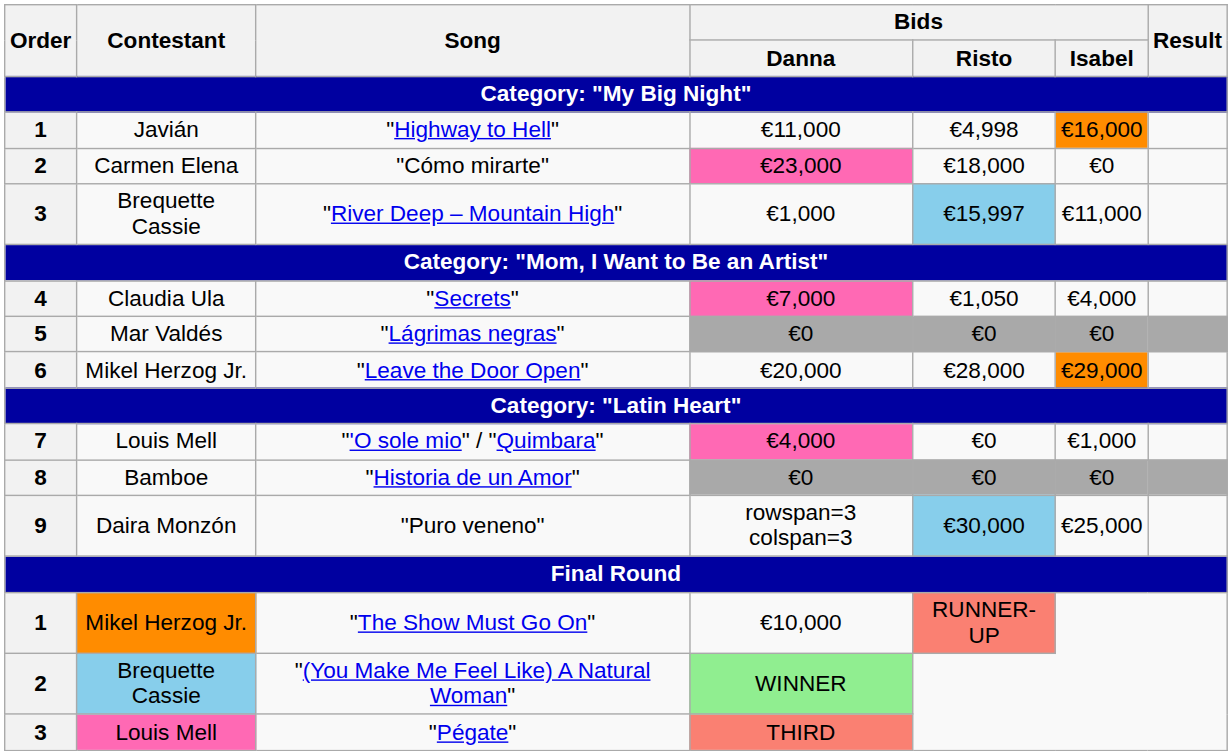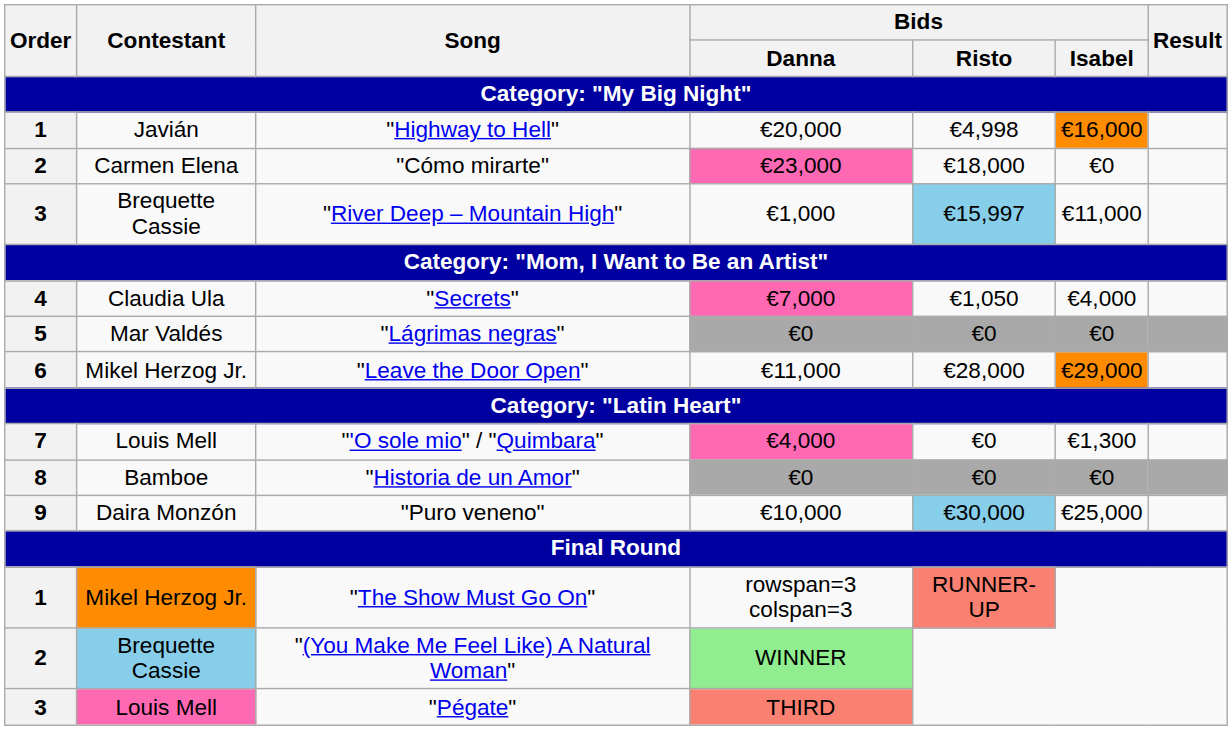 <table class=wikitable>
 <tr>
 <th rowspan=2>Order</th>
 <th rowspan=2>Contestant</th>
 <th rowspan=2>Song</th>
 <th colspan=3>Bids</th>
 <th rowspan=2>Result</th>
 </tr>
 <tr>
 <th>Danna</th>
 <th>Risto</th>
 <th>Isabel</th>
 </tr>
 <tr>
 <th scope="col" colspan="7" style="background:#0000A0; color:white;">Category: "My Big Night"</th>
 </tr>
 <tr align=center>
 <th>1</th>
 <td>Javián</td>
 <td>"<a href='#'>Highway to Hell</a>"</td>
-<td>€11,000</td>
+<td>€20,000</td>
 <td>€4,998</td>
 <td bgcolor=DarkOrange>€16,000</td>
 <td></td>
 </tr>
 <tr align=center>
 <th>2</th>
 <td>Carmen Elena</td>
 <td>"Cómo mirarte"</td>
 <td bgcolor=#ff69b4>€23,000</td>
 <td>€18,000</td>
 <td>€0</td>
 <td></td>
 </tr>
 <tr align=center>
 <th>3</th>
 <td>Brequette Cassie</td>
 <td>"<a href='#'>River Deep – Mountain High</a>"</td>
 <td>€1,000</td>
 <td bgcolor=SkyBlue>€15,997</td>
 <td>€11,000</td>
 <td></td>
 </tr>
 <tr>
 <th scope="col" colspan="7" style="background:#0000A0; color:white;">Category: "Mom, I Want to Be an Artist"</th>
 </tr>
 <tr align=center>
 <th>4</th>
 <td>Claudia Ula</td>
 <td>"<a href='#'>Secrets</a>"</td>
 <td bgcolor=#ff69b4>€7,000</td>
 <td>€1,050</td>
 <td>€4,000</td>
 <td></td>
 </tr>
 <tr align=center>
 <th>5</th>
 <td>Mar Valdés</td>
 <td>"<a href='#'>Lágrimas negras</a>"</td>
 <td bgcolor=darkgrey>€0</td>
 <td bgcolor=darkgrey>€0</td>
 <td bgcolor=darkgrey>€0</td>
 <td bgcolor=darkgrey></td>
 </tr>
 <tr align=center>
 <th>6</th>
 <td>Mikel Herzog Jr.</td>
 <td>"<a href='#'>Leave the Door Open</a>"</td>
-<td>€20,000</td>
+<td>€11,000</td>
 <td>€28,000</td>
 <td bgcolor=DarkOrange>€29,000</td>
 <td></td>
 </tr>
 <tr>
 <th scope="col" colspan="7" style="background:#0000A0; color:white;">Category: "Latin Heart"</th>
 </tr>
 <tr align=center>
 <th>7</th>
 <td>Louis Mell</td>
 <td>"<a href='#'>'O sole mio</a>" / "<a href='#'>Quimbara</a>"</td>
 <td bgcolor=#ff69b4>€4,000</td>
 <td>€0</td>
-<td>€1,000</td>
+<td>€1,300</td>
 <td></td>
 </tr>
 <tr align=center>
 <th>8</th>
 <td>Bamboe</td>
 <td>"<a href='#'>Historia de un Amor</a>"</td>
 <td bgcolor=darkgrey>€0</td>
 <td bgcolor=darkgrey>€0</td>
 <td bgcolor=darkgrey>€0</td>
 <td bgcolor=darkgrey></td>
 </tr>
 <tr align=center>
 <th>9</th>
 <td>Daira Monzón</td>
 <td>"Puro veneno"</td>
-<td>rowspan=3 colspan=3 </td>
+<td>€10,000</td>
 <td bgcolor=SkyBlue>€30,000</td>
 <td>€25,000</td>
 <td></td>
 </tr>
 <tr>
 <th scope="col" colspan="7" style="background:#0000A0; color:white;">Final Round</th>
 </tr>
 <tr align=center>
 <th>1</th>
 <td bgcolor=DarkOrange>Mikel Herzog Jr.</td>
 <td>"<a href='#'>The Show Must Go On</a>"</td>
-<td>€10,000</td>
+<td>rowspan=3 colspan=3 </td>
 <td bgcolor=salmon>RUNNER-UP</td>
 </tr>
 <tr align=center>
 <th>2</th>
 <td bgcolor=SkyBlue>Brequette Cassie</td>
 <td>"<a href='#'>(You Make Me Feel Like) A Natural Woman</a>"</td>
 <td bgcolor=lightgreen>WINNER</td>
 </tr>
 <tr align=center>
 <th>3</th>
 <td bgcolor=#ff69b4>Louis Mell</td>
 <td>"<a href='#'>Pégate</a>"</td>
 <td bgcolor=salmon>THIRD</td>
 </tr>
 </table>
